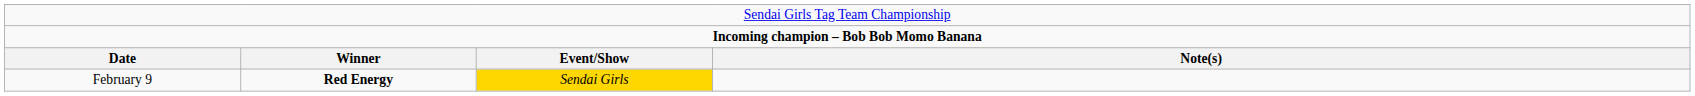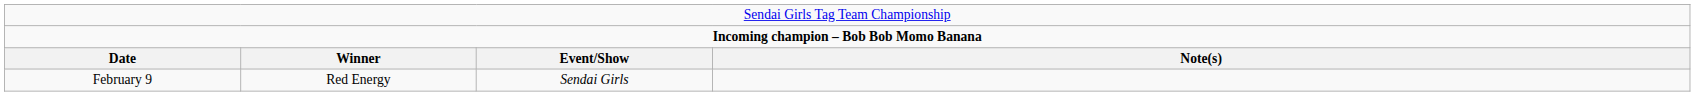 <table class="wikitable" style="text-align:center; width:100%;">
 <tr>
 <td colspan="4" style="text-align: center;"><a href='#'>Sendai Girls Tag Team Championship</a></td>
 </tr>
 <tr>
 <td colspan="4" style="text-align: center;"><strong>Incoming champion – Bob Bob Momo Banana </strong></td>
 </tr>
 <tr>
 <th width=14%>Date</th>
 <th width=14%>Winner</th>
 <th width=14%>Event/Show</th>
 <th width=58%>Note(s)</th>
 </tr>
 <tr>
 <td>February 9</td>
-<td><strong>Red Energy<br></strong></td>
-<td style="background: gold;"><em>Sendai Girls</em></td>
+<td>Red Energy<br></td>
+<td><em>Sendai Girls</em></td>
 <td></td>
 </tr>
 </table>
